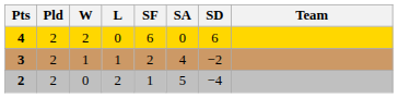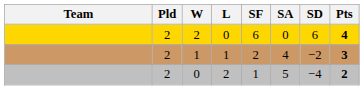 <table class="wikitable" style="text-align: center;">
 <tr>
-<th width=30>Pts</th>
+<th width=180>Team</th>
 <th width=30>Pld</th>
 <th width=30>W</th>
 <th width=30>L</th>
 <th width=30>SF</th>
 <th width=30>SA</th>
 <th width=30>SD</th>
-<th width=180>Team</th>
+<th width=30>Pts</th>
 </tr>
 <tr bgcolor=gold>
-<td><strong>4</strong></td>
+<td style="text-align:left;"></td>
 <td>2</td>
 <td>2</td>
 <td>0</td>
 <td>6</td>
 <td>0</td>
 <td>6</td>
-<td style="text-align:left;"></td>
+<td><strong>4</strong></td>
 </tr>
 <tr bgcolor=#cc9966>
-<td><strong>3</strong></td>
+<td style="text-align:left;"></td>
 <td>2</td>
 <td>1</td>
 <td>1</td>
 <td>2</td>
 <td>4</td>
 <td>−2</td>
-<td style="text-align:left;"></td>
+<td><strong>3</strong></td>
 </tr>
 <tr bgcolor=silver>
-<td><strong>2</strong></td>
+<td style="text-align:left;"></td>
 <td>2</td>
 <td>0</td>
 <td>2</td>
 <td>1</td>
 <td>5</td>
 <td>−4</td>
-<td style="text-align:left;"></td>
+<td><strong>2</strong></td>
 </tr>
 </table>
